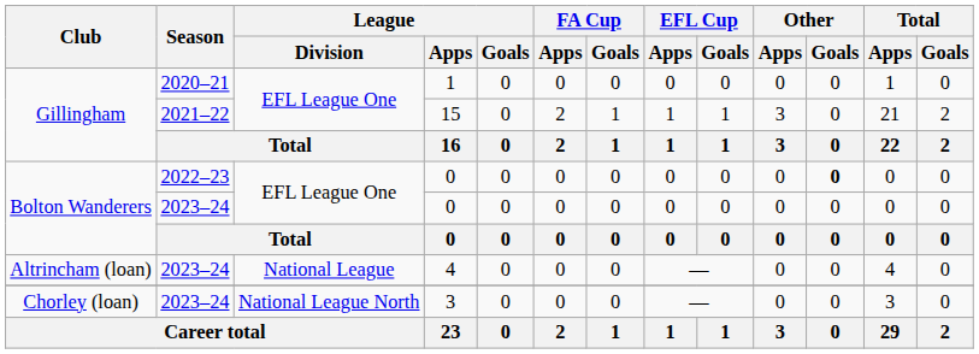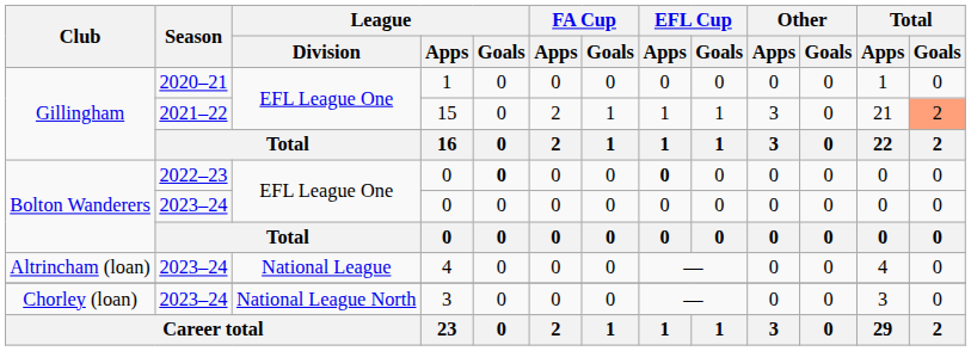 <table class="wikitable" style="text-align: center">
 <tr>
 <th rowspan="2">Club</th>
 <th rowspan="2">Season</th>
 <th colspan="3">League</th>
 <th colspan="2"><a href='#'>FA Cup</a></th>
 <th colspan="2"><a href='#'>EFL Cup</a></th>
 <th colspan="2">Other</th>
 <th colspan="2">Total</th>
 </tr>
 <tr>
 <th>Division</th>
 <th>Apps</th>
 <th>Goals</th>
 <th>Apps</th>
 <th>Goals</th>
 <th>Apps</th>
 <th>Goals</th>
 <th>Apps</th>
 <th>Goals</th>
 <th>Apps</th>
 <th>Goals</th>
 </tr>
 <tr>
 <td rowspan="3"><a href='#'>Gillingham</a></td>
 <td><a href='#'>2020–21</a></td>
 <td rowspan="2"><a href='#'>EFL League One</a></td>
 <td>1</td>
 <td>0</td>
 <td>0</td>
 <td>0</td>
 <td>0</td>
 <td>0</td>
 <td>0</td>
 <td>0</td>
 <td>1</td>
 <td>0</td>
 </tr>
 <tr>
 <td><a href='#'>2021–22</a></td>
 <td>15</td>
 <td>0</td>
 <td>2</td>
 <td>1</td>
 <td>1</td>
 <td>1</td>
 <td>3</td>
 <td>0</td>
 <td>21</td>
-<td>2</td>
+<td style="background: lightsalmon;">2</td>
 </tr>
 <tr>
 <th colspan=2>Total</th>
 <th>16</th>
 <th>0</th>
 <th>2</th>
 <th>1</th>
 <th>1</th>
 <th>1</th>
 <th>3</th>
 <th>0</th>
 <th>22</th>
 <th>2</th>
 </tr>
 <tr>
 <td rowspan="3"><a href='#'>Bolton Wanderers</a></td>
 <td><a href='#'>2022–23</a></td>
 <td rowspan="2">EFL League One</td>
 <td>0</td>
+<td><strong>0</strong></td>
+<td>0</td>
+<td>0</td>
+<td><strong>0</strong></td>
 <td>0</td>
 <td>0</td>
 <td>0</td>
-<td>0</td>
-<td>0</td>
-<td>0</td>
-<td><strong>0</strong></td>
 <td>0</td>
 <td>0</td>
 </tr>
 <tr>
 <td><a href='#'>2023–24</a></td>
 <td>0</td>
 <td>0</td>
 <td>0</td>
 <td>0</td>
 <td>0</td>
 <td>0</td>
 <td>0</td>
 <td>0</td>
 <td>0</td>
 <td>0</td>
 </tr>
 <tr>
 <th colspan=2>Total</th>
 <th>0</th>
 <th>0</th>
 <th>0</th>
 <th>0</th>
 <th>0</th>
 <th>0</th>
 <th>0</th>
 <th>0</th>
 <th>0</th>
 <th>0</th>
 </tr>
 <tr>
 <td><a href='#'>Altrincham</a> (loan)</td>
 <td><a href='#'>2023–24</a></td>
 <td><a href='#'>National League</a></td>
 <td>4</td>
 <td>0</td>
 <td>0</td>
 <td>0</td>
 <td colspan=2>—</td>
 <td>0</td>
 <td>0</td>
 <td>4</td>
 <td>0</td>
 </tr>
 <tr>
 </tr>
 <tr>
 <td><a href='#'>Chorley</a> (loan)</td>
 <td><a href='#'>2023–24</a></td>
 <td><a href='#'>National League North</a></td>
 <td>3</td>
 <td>0</td>
 <td>0</td>
 <td>0</td>
 <td colspan=2>—</td>
 <td>0</td>
 <td>0</td>
 <td>3</td>
 <td>0</td>
 </tr>
 <tr>
 <th colspan="3">Career total</th>
 <th>23</th>
 <th>0</th>
 <th>2</th>
 <th>1</th>
 <th>1</th>
 <th>1</th>
 <th>3</th>
 <th>0</th>
 <th>29</th>
 <th>2</th>
 </tr>
 </table>
